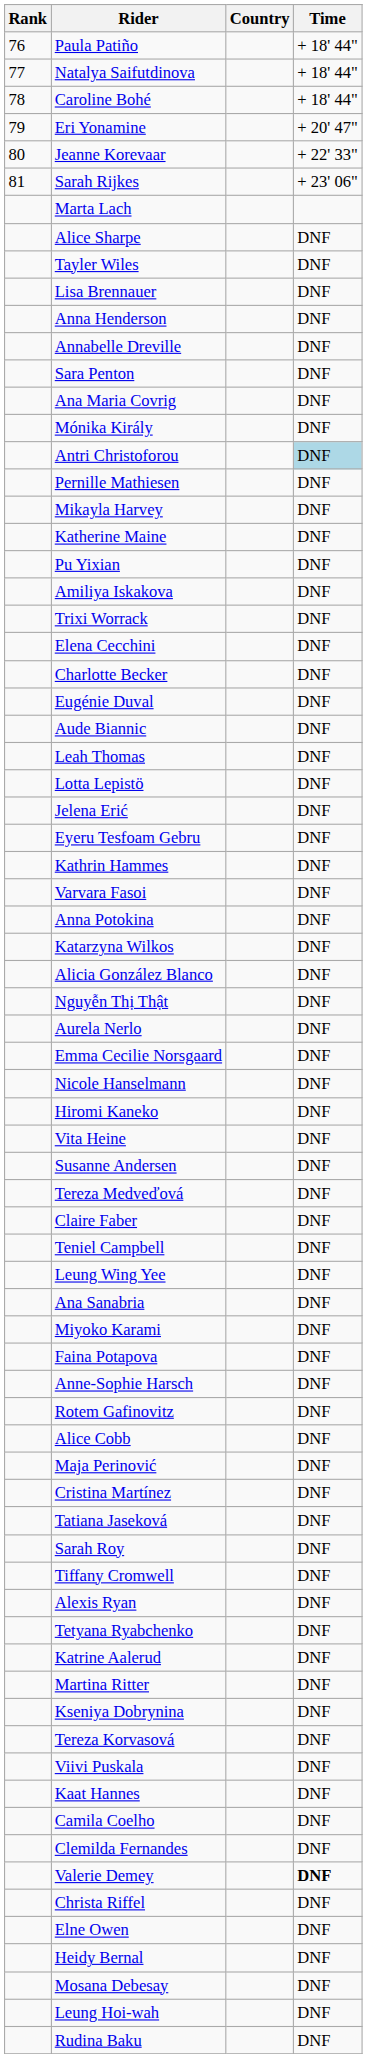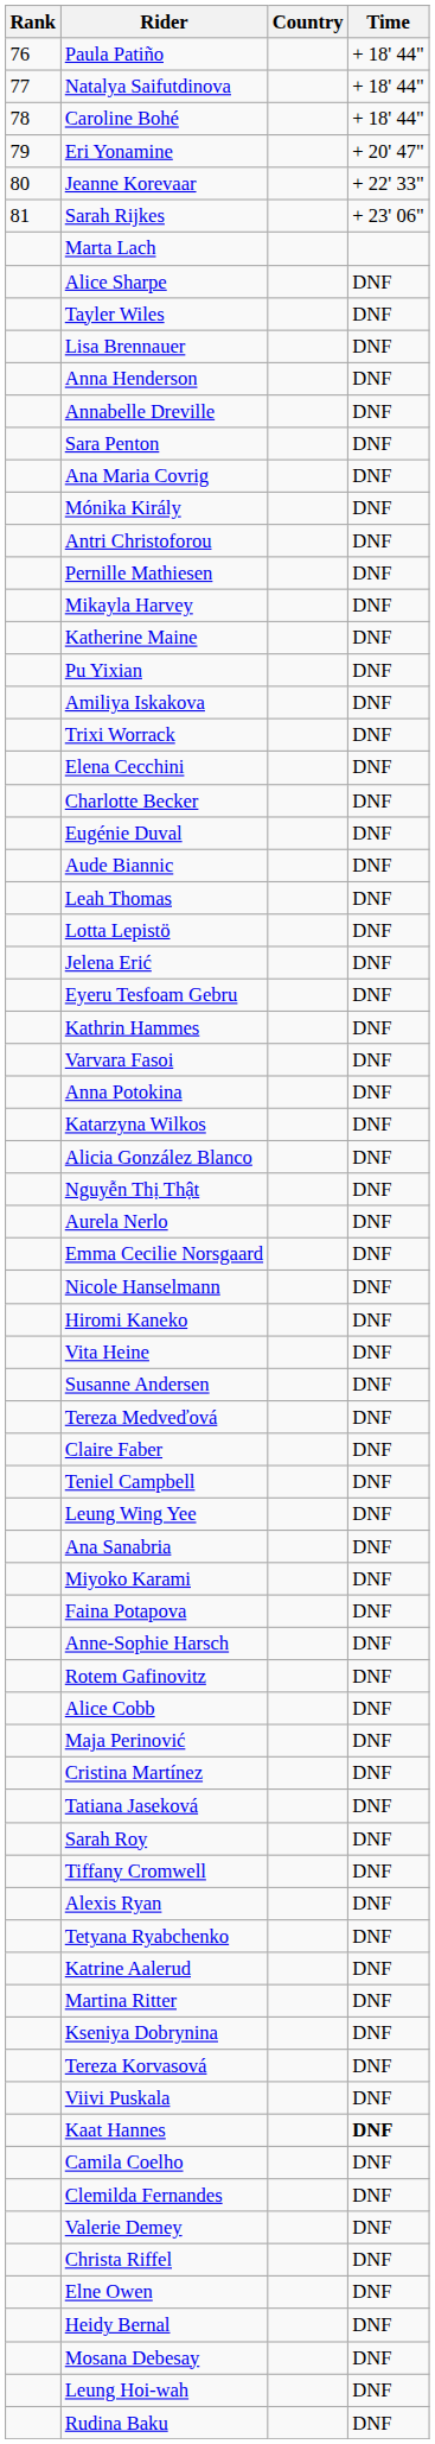 <table class="wikitable" style="font-size:95%; text-align:left;">
 <tr>
 <th>Rank</th>
 <th>Rider</th>
 <th>Country</th>
 <th>Time</th>
 </tr>
 <tr>
 <td>76</td>
 <td><a href='#'>Paula Patiño</a></td>
 <td></td>
 <td>+ 18' 44"</td>
 </tr>
 <tr>
 <td>77</td>
 <td><a href='#'>Natalya Saifutdinova</a></td>
 <td></td>
 <td>+ 18' 44"</td>
 </tr>
 <tr>
 <td>78</td>
 <td><a href='#'>Caroline Bohé</a></td>
 <td></td>
 <td>+ 18' 44"</td>
 </tr>
 <tr>
 <td>79</td>
 <td><a href='#'>Eri Yonamine</a></td>
 <td></td>
 <td>+ 20' 47"</td>
 </tr>
 <tr>
 <td>80</td>
 <td><a href='#'>Jeanne Korevaar</a></td>
 <td></td>
 <td>+ 22' 33"</td>
 </tr>
 <tr>
 <td>81</td>
 <td><a href='#'>Sarah Rijkes</a></td>
 <td></td>
 <td>+ 23' 06"</td>
 </tr>
 <tr>
 <td></td>
 <td><a href='#'>Marta Lach</a></td>
 <td></td>
 <td></td>
 </tr>
 <tr>
 <td></td>
 <td><a href='#'>Alice Sharpe</a></td>
 <td></td>
 <td>DNF</td>
 </tr>
 <tr>
 <td></td>
 <td><a href='#'>Tayler Wiles</a></td>
 <td></td>
 <td>DNF</td>
 </tr>
 <tr>
 <td></td>
 <td><a href='#'>Lisa Brennauer</a></td>
 <td></td>
 <td>DNF</td>
 </tr>
 <tr>
 <td></td>
 <td><a href='#'>Anna Henderson</a></td>
 <td></td>
 <td>DNF</td>
 </tr>
 <tr>
 <td></td>
 <td><a href='#'>Annabelle Dreville</a></td>
 <td></td>
 <td>DNF</td>
 </tr>
 <tr>
 <td></td>
 <td><a href='#'>Sara Penton</a></td>
 <td></td>
 <td>DNF</td>
 </tr>
 <tr>
 <td></td>
 <td><a href='#'>Ana Maria Covrig</a></td>
 <td></td>
 <td>DNF</td>
 </tr>
 <tr>
 <td></td>
 <td><a href='#'>Mónika Király</a></td>
 <td></td>
 <td>DNF</td>
 </tr>
 <tr>
 <td></td>
 <td><a href='#'>Antri Christoforou</a></td>
 <td></td>
-<td style="background: lightblue;">DNF</td>
+<td>DNF</td>
 </tr>
 <tr>
 <td></td>
 <td><a href='#'>Pernille Mathiesen</a></td>
 <td></td>
 <td>DNF</td>
 </tr>
 <tr>
 <td></td>
 <td><a href='#'>Mikayla Harvey</a></td>
 <td></td>
 <td>DNF</td>
 </tr>
 <tr>
 <td></td>
 <td><a href='#'>Katherine Maine</a></td>
 <td></td>
 <td>DNF</td>
 </tr>
 <tr>
 <td></td>
 <td><a href='#'>Pu Yixian</a></td>
 <td></td>
 <td>DNF</td>
 </tr>
 <tr>
 <td></td>
 <td><a href='#'>Amiliya Iskakova</a></td>
 <td></td>
 <td>DNF</td>
 </tr>
 <tr>
 <td></td>
 <td><a href='#'>Trixi Worrack</a></td>
 <td></td>
 <td>DNF</td>
 </tr>
 <tr>
 <td></td>
 <td><a href='#'>Elena Cecchini</a></td>
 <td></td>
 <td>DNF</td>
 </tr>
 <tr>
 <td></td>
 <td><a href='#'>Charlotte Becker</a></td>
 <td></td>
 <td>DNF</td>
 </tr>
 <tr>
 <td></td>
 <td><a href='#'>Eugénie Duval</a></td>
 <td></td>
 <td>DNF</td>
 </tr>
 <tr>
 <td></td>
 <td><a href='#'>Aude Biannic</a></td>
 <td></td>
 <td>DNF</td>
 </tr>
 <tr>
 <td></td>
 <td><a href='#'>Leah Thomas</a></td>
 <td></td>
 <td>DNF</td>
 </tr>
 <tr>
 <td></td>
 <td><a href='#'>Lotta Lepistö</a></td>
 <td></td>
 <td>DNF</td>
 </tr>
 <tr>
 <td></td>
 <td><a href='#'>Jelena Erić</a></td>
 <td></td>
 <td>DNF</td>
 </tr>
 <tr>
 <td></td>
 <td><a href='#'>Eyeru Tesfoam Gebru</a></td>
 <td></td>
 <td>DNF</td>
 </tr>
 <tr>
 <td></td>
 <td><a href='#'>Kathrin Hammes</a></td>
 <td></td>
 <td>DNF</td>
 </tr>
 <tr>
 <td></td>
 <td><a href='#'>Varvara Fasoi</a></td>
 <td></td>
 <td>DNF</td>
 </tr>
 <tr>
 <td></td>
 <td><a href='#'>Anna Potokina</a></td>
 <td></td>
 <td>DNF</td>
 </tr>
 <tr>
 <td></td>
 <td><a href='#'>Katarzyna Wilkos</a></td>
 <td></td>
 <td>DNF</td>
 </tr>
 <tr>
 <td></td>
 <td><a href='#'>Alicia González Blanco</a></td>
 <td></td>
 <td>DNF</td>
 </tr>
 <tr>
 <td></td>
 <td><a href='#'>Nguyễn Thị Thật</a></td>
 <td></td>
 <td>DNF</td>
 </tr>
 <tr>
 <td></td>
 <td><a href='#'>Aurela Nerlo</a></td>
 <td></td>
 <td>DNF</td>
 </tr>
 <tr>
 <td></td>
 <td><a href='#'>Emma Cecilie Norsgaard</a></td>
 <td></td>
 <td>DNF</td>
 </tr>
 <tr>
 <td></td>
 <td><a href='#'>Nicole Hanselmann</a></td>
 <td></td>
 <td>DNF</td>
 </tr>
 <tr>
 <td></td>
 <td><a href='#'>Hiromi Kaneko</a></td>
 <td></td>
 <td>DNF</td>
 </tr>
 <tr>
 <td></td>
 <td><a href='#'>Vita Heine</a></td>
 <td></td>
 <td>DNF</td>
 </tr>
 <tr>
 <td></td>
 <td><a href='#'>Susanne Andersen</a></td>
 <td></td>
 <td>DNF</td>
 </tr>
 <tr>
 <td></td>
 <td><a href='#'>Tereza Medveďová</a></td>
 <td></td>
 <td>DNF</td>
 </tr>
 <tr>
 <td></td>
 <td><a href='#'>Claire Faber</a></td>
 <td></td>
 <td>DNF</td>
 </tr>
 <tr>
 <td></td>
 <td><a href='#'>Teniel Campbell</a></td>
 <td></td>
 <td>DNF</td>
 </tr>
 <tr>
 <td></td>
 <td><a href='#'>Leung Wing Yee</a></td>
 <td></td>
 <td>DNF</td>
 </tr>
 <tr>
 <td></td>
 <td><a href='#'>Ana Sanabria</a></td>
 <td></td>
 <td>DNF</td>
 </tr>
 <tr>
 <td></td>
 <td><a href='#'>Miyoko Karami</a></td>
 <td></td>
 <td>DNF</td>
 </tr>
 <tr>
 <td></td>
 <td><a href='#'>Faina Potapova</a></td>
 <td></td>
 <td>DNF</td>
 </tr>
 <tr>
 <td></td>
 <td><a href='#'>Anne-Sophie Harsch</a></td>
 <td></td>
 <td>DNF</td>
 </tr>
 <tr>
 <td></td>
 <td><a href='#'>Rotem Gafinovitz</a></td>
 <td></td>
 <td>DNF</td>
 </tr>
 <tr>
 <td></td>
 <td><a href='#'>Alice Cobb</a></td>
 <td></td>
 <td>DNF</td>
 </tr>
 <tr>
 <td></td>
 <td><a href='#'>Maja Perinović</a></td>
 <td></td>
 <td>DNF</td>
 </tr>
 <tr>
 <td></td>
 <td><a href='#'>Cristina Martínez</a></td>
 <td></td>
 <td>DNF</td>
 </tr>
 <tr>
 <td></td>
 <td><a href='#'>Tatiana Jaseková</a></td>
 <td></td>
 <td>DNF</td>
 </tr>
 <tr>
 <td></td>
 <td><a href='#'>Sarah Roy</a></td>
 <td></td>
 <td>DNF</td>
 </tr>
 <tr>
 <td></td>
 <td><a href='#'>Tiffany Cromwell</a></td>
 <td></td>
 <td>DNF</td>
 </tr>
 <tr>
 <td></td>
 <td><a href='#'>Alexis Ryan</a></td>
 <td></td>
 <td>DNF</td>
 </tr>
 <tr>
 <td></td>
 <td><a href='#'>Tetyana Ryabchenko</a></td>
 <td></td>
 <td>DNF</td>
 </tr>
 <tr>
 <td></td>
 <td><a href='#'>Katrine Aalerud</a></td>
 <td></td>
 <td>DNF</td>
 </tr>
 <tr>
 <td></td>
 <td><a href='#'>Martina Ritter</a></td>
 <td></td>
 <td>DNF</td>
 </tr>
 <tr>
 <td></td>
 <td><a href='#'>Kseniya Dobrynina</a></td>
 <td></td>
 <td>DNF</td>
 </tr>
 <tr>
 <td></td>
 <td><a href='#'>Tereza Korvasová</a></td>
 <td></td>
 <td>DNF</td>
 </tr>
 <tr>
 <td></td>
 <td><a href='#'>Viivi Puskala</a></td>
 <td></td>
 <td>DNF</td>
 </tr>
 <tr>
 <td></td>
 <td><a href='#'>Kaat Hannes</a></td>
 <td></td>
-<td>DNF</td>
+<td><strong>DNF</strong></td>
 </tr>
 <tr>
 <td></td>
 <td><a href='#'>Camila Coelho</a></td>
 <td></td>
 <td>DNF</td>
 </tr>
 <tr>
 <td></td>
 <td><a href='#'>Clemilda Fernandes</a></td>
 <td></td>
 <td>DNF</td>
 </tr>
 <tr>
 <td></td>
 <td><a href='#'>Valerie Demey</a></td>
 <td></td>
-<td><strong>DNF</strong></td>
+<td>DNF</td>
 </tr>
 <tr>
 <td></td>
 <td><a href='#'>Christa Riffel</a></td>
 <td></td>
 <td>DNF</td>
 </tr>
 <tr>
 <td></td>
 <td><a href='#'>Elne Owen</a></td>
 <td></td>
 <td>DNF</td>
 </tr>
 <tr>
 <td></td>
 <td><a href='#'>Heidy Bernal</a></td>
 <td></td>
 <td>DNF</td>
 </tr>
 <tr>
 <td></td>
 <td><a href='#'>Mosana Debesay</a></td>
 <td></td>
 <td>DNF</td>
 </tr>
 <tr>
 <td></td>
 <td><a href='#'>Leung Hoi-wah</a></td>
 <td></td>
 <td>DNF</td>
 </tr>
 <tr>
 <td></td>
 <td><a href='#'>Rudina Baku</a></td>
 <td></td>
 <td>DNF</td>
 </tr>
 </table>
